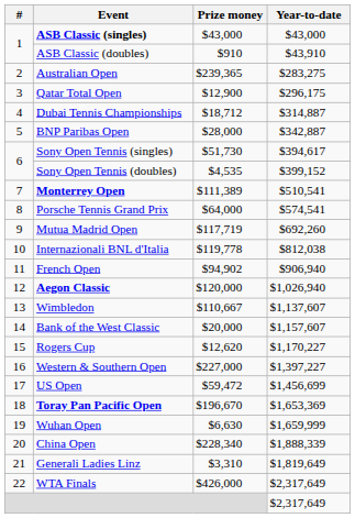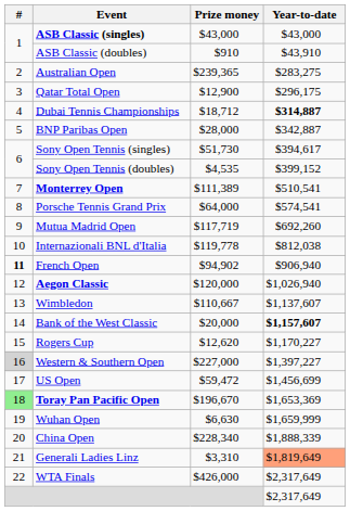 <table class="wikitable sortable">
 <tr>
 <th width=30>#</th>
 <th width=200>Event</th>
 <th>Prize money</th>
 <th>Year-to-date</th>
 </tr>
 <tr>
 <td align=center rowspan=2>1</td>
 <td><strong><a href='#'>ASB Classic</a> (singles)</strong></td>
 <td align=right style="padding-right: 2em">$43,000</td>
 <td align=right style="padding-right: 2em">$43,000</td>
 </tr>
 <tr>
 <td><a href='#'>ASB Classic</a> (doubles)</td>
 <td align=right style="padding-right: 2em">$910</td>
 <td align=right style="padding-right: 2em">$43,910</td>
 </tr>
 <tr>
 <td align=center>2</td>
 <td><a href='#'>Australian Open</a></td>
 <td align=right style="padding-right: 2em">$239,365</td>
 <td align=right style="padding-right: 2em">$283,275</td>
 </tr>
 <tr>
 <td align=center>3</td>
 <td><a href='#'>Qatar Total Open</a></td>
 <td align=right style="padding-right: 2em">$12,900</td>
 <td align=right style="padding-right: 2em">$296,175</td>
 </tr>
 <tr>
 <td align=center>4</td>
 <td><a href='#'>Dubai Tennis Championships</a></td>
 <td align=right style="padding-right: 2em">$18,712</td>
-<td align=right style="padding-right: 2em">$314,887</td>
+<td align=right style="padding-right: 2em"><strong>$314,887</strong></td>
 </tr>
 <tr>
 <td align=center>5</td>
 <td><a href='#'>BNP Paribas Open</a></td>
 <td align=right style="padding-right: 2em">$28,000</td>
 <td align=right style="padding-right: 2em">$342,887</td>
 </tr>
 <tr>
 <td align=center rowspan=2>6</td>
 <td><a href='#'>Sony Open Tennis</a> (singles)</td>
 <td align=right style="padding-right: 2em">$51,730</td>
 <td align=right style="padding-right: 2em">$394,617</td>
 </tr>
 <tr>
 <td><a href='#'>Sony Open Tennis</a> (doubles)</td>
 <td align=right style="padding-right: 2em">$4,535</td>
 <td align=right style="padding-right: 2em">$399,152</td>
 </tr>
 <tr>
 <td align=center>7</td>
 <td><strong><a href='#'>Monterrey Open</a></strong></td>
 <td align=right style="padding-right: 2em">$111,389</td>
 <td align=right style="padding-right: 2em">$510,541</td>
 </tr>
 <tr>
 <td align=center>8</td>
 <td><a href='#'>Porsche Tennis Grand Prix</a></td>
 <td align=right style="padding-right: 2em">$64,000</td>
 <td align=right style="padding-right: 2em">$574,541</td>
 </tr>
 <tr>
 <td align=center>9</td>
 <td><a href='#'>Mutua Madrid Open</a></td>
 <td align=right style="padding-right: 2em">$117,719</td>
 <td align=right style="padding-right: 2em">$692,260</td>
 </tr>
 <tr>
 <td align=center>10</td>
 <td><a href='#'>Internazionali BNL d'Italia</a></td>
 <td align=right style="padding-right: 2em">$119,778</td>
 <td align=right style="padding-right: 2em">$812,038</td>
 </tr>
 <tr>
-<td align=center>11</td>
+<td align=center><strong>11</strong></td>
 <td><a href='#'>French Open</a></td>
 <td align=right style="padding-right: 2em">$94,902</td>
 <td align=right style="padding-right: 2em">$906,940</td>
 </tr>
 <tr>
 <td align=center>12</td>
 <td><strong><a href='#'>Aegon Classic</a></strong></td>
 <td align=right style="padding-right: 2em">$120,000</td>
 <td align=right style="padding-right: 2em">$1,026,940</td>
 </tr>
 <tr>
 <td align=center>13</td>
 <td><a href='#'>Wimbledon</a></td>
 <td align=right style="padding-right: 2em">$110,667</td>
 <td align=right style="padding-right: 2em">$1,137,607</td>
 </tr>
 <tr>
 <td align=center>14</td>
 <td><a href='#'>Bank of the West Classic</a></td>
 <td align=right style="padding-right: 2em">$20,000</td>
-<td align=right style="padding-right: 2em">$1,157,607</td>
+<td align=right style="padding-right: 2em"><strong>$1,157,607</strong></td>
 </tr>
 <tr>
 <td align=center>15</td>
 <td><a href='#'>Rogers Cup</a></td>
 <td align=right style="padding-right: 2em">$12,620</td>
 <td align=right style="padding-right: 2em">$1,170,227</td>
 </tr>
 <tr>
-<td align=center>16</td>
+<td align=center style="background: lightgrey;">16</td>
 <td><a href='#'>Western & Southern Open</a></td>
 <td align=right style="padding-right: 2em">$227,000</td>
 <td align=right style="padding-right: 2em">$1,397,227</td>
 </tr>
 <tr>
 <td align=center>17</td>
 <td><a href='#'>US Open</a></td>
 <td align=right style="padding-right: 2em">$59,472</td>
 <td align=right style="padding-right: 2em">$1,456,699</td>
 </tr>
 <tr>
-<td align=center>18</td>
+<td align=center style="background: lightgreen;">18</td>
 <td><strong><a href='#'>Toray Pan Pacific Open</a></strong></td>
 <td align=right style="padding-right: 2em">$196,670</td>
 <td align=right style="padding-right: 2em">$1,653,369</td>
 </tr>
 <tr>
 <td align=center>19</td>
 <td><a href='#'>Wuhan Open</a></td>
 <td align=right style="padding-right: 2em">$6,630</td>
 <td align=right style="padding-right: 2em">$1,659,999</td>
 </tr>
 <tr>
 <td align=center>20</td>
 <td><a href='#'>China Open</a></td>
 <td align=right style="padding-right: 2em">$228,340</td>
 <td align=right style="padding-right: 2em">$1,888,339</td>
 </tr>
 <tr>
 <td align=center>21</td>
 <td><a href='#'>Generali Ladies Linz</a></td>
 <td align=right style="padding-right: 2em">$3,310</td>
-<td align=right style="padding-right: 2em">$1,819,649</td>
+<td align=right style="background: lightsalmon; padding-right: 2em">$1,819,649</td>
 </tr>
 <tr>
 <td align=center>22</td>
 <td><a href='#'>WTA Finals</a></td>
 <td align=right style="padding-right: 2em">$426,000</td>
 <td align=right style="padding-right: 2em">$2,317,649</td>
 </tr>
 <tr class="sortbottom">
 <td colspan=3 bgcolor=#DCDCDC></td>
 <td align=right style="padding-right: 2em">$2,317,649</td>
 </tr>
 </table>
